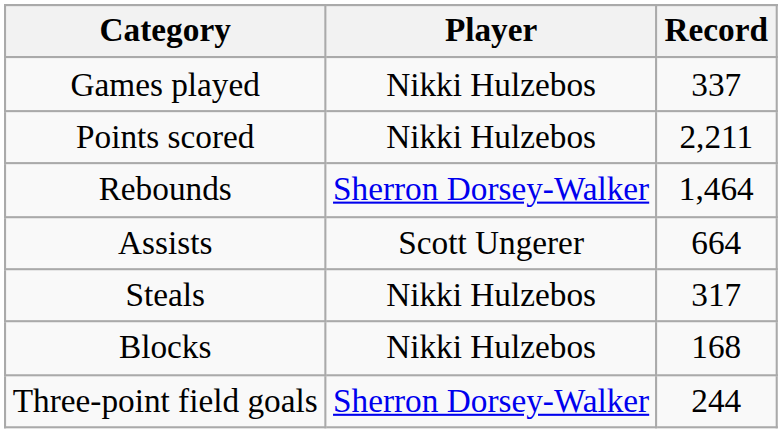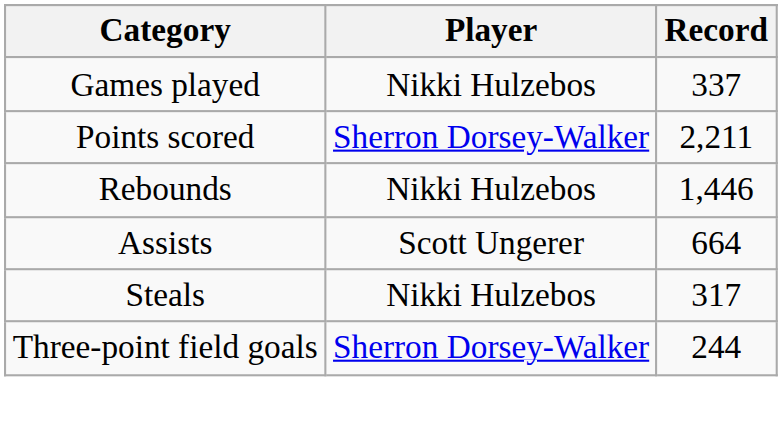 <table class="wikitable" style="text-align:center;">
 <tr>
 </tr>
 <tr>
 <th style="text-align:center; ">Category</th>
 <th style="text-align:center; ">Player</th>
 <th style="text-align:center; ">Record</th>
 </tr>
 <tr>
 <td>Games played</td>
 <td>Nikki Hulzebos</td>
 <td>337</td>
 </tr>
 <tr>
 <td>Points scored</td>
-<td>Nikki Hulzebos</td>
+<td><a href='#'>Sherron Dorsey-Walker</a></td>
 <td>2,211</td>
 </tr>
 <tr>
 <td>Rebounds</td>
-<td><a href='#'>Sherron Dorsey-Walker</a></td>
-<td>1,464</td>
+<td>Nikki Hulzebos</td>
+<td>1,446</td>
 </tr>
 <tr>
 <td>Assists</td>
 <td>Scott Ungerer</td>
 <td>664</td>
 </tr>
 <tr>
 <td>Steals</td>
 <td>Nikki Hulzebos</td>
 <td>317</td>
 </tr>
 <tr>
-<td>Blocks</td>
-<td>Nikki Hulzebos</td>
-<td>168</td>
-</tr>
-<tr>
 <td>Three-point field goals</td>
 <td><a href='#'>Sherron Dorsey-Walker</a></td>
 <td>244</td>
 </tr>
 </table>
